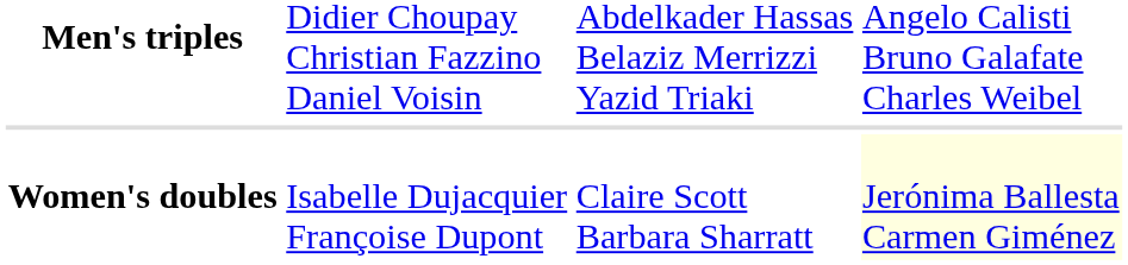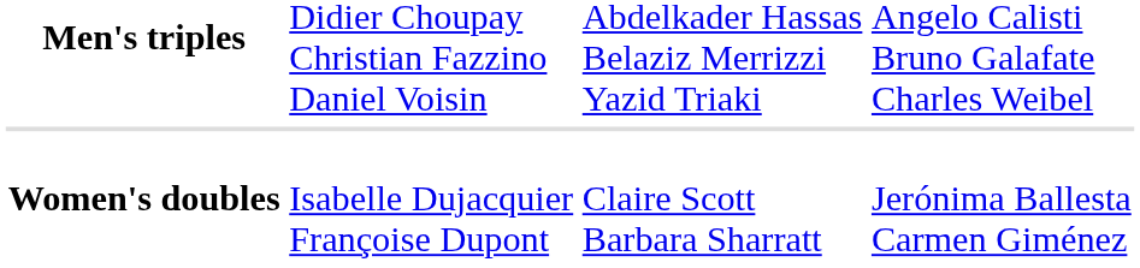 <table>
 <tr>
 <th scope="row">Men's triples</th>
 <td><br><a href='#'>Didier Choupay</a><br><a href='#'>Christian Fazzino</a><br><a href='#'>Daniel Voisin</a></td>
 <td><br><a href='#'>Abdelkader Hassas</a><br><a href='#'>Belaziz Merrizzi</a><br><a href='#'>Yazid Triaki</a></td>
 <td><br><a href='#'>Angelo Calisti</a><br><a href='#'>Bruno Galafate</a><br><a href='#'>Charles Weibel</a></td>
 </tr>
 <tr bgcolor=#DDDDDD>
 <td colspan=4></td>
 </tr>
 <tr>
 <th scope="row">Women's doubles</th>
 <td><br><a href='#'>Isabelle Dujacquier</a><br><a href='#'>Françoise Dupont</a></td>
 <td><br><a href='#'>Claire Scott</a><br><a href='#'>Barbara Sharratt</a></td>
-<td style="background: lightyellow;"><br><a href='#'>Jerónima Ballesta</a><br><a href='#'>Carmen Giménez</a></td>
+<td><br><a href='#'>Jerónima Ballesta</a><br><a href='#'>Carmen Giménez</a></td>
 </tr>
 </table>
